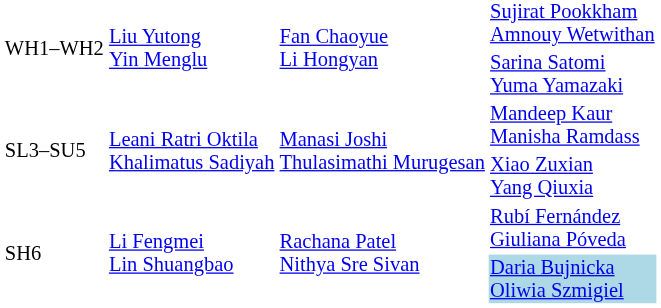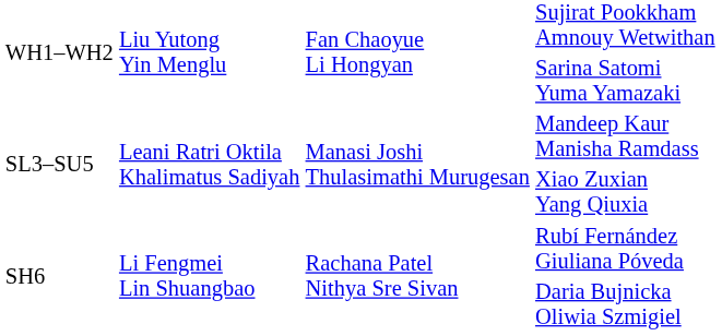 <table>
 <tr>
 <td rowspan="2">WH1–WH2</td>
 <td rowspan="2"> <a href='#'>Liu Yutong</a><br> <a href='#'>Yin Menglu</a></td>
 <td rowspan="2"> <a href='#'>Fan Chaoyue</a><br> <a href='#'>Li Hongyan</a></td>
 <td> <a href='#'>Sujirat Pookkham</a><br> <a href='#'>Amnouy Wetwithan</a></td>
 </tr>
 <tr>
 <td> <a href='#'>Sarina Satomi</a><br> <a href='#'>Yuma Yamazaki</a></td>
 </tr>
 <tr>
 <td rowspan="2">SL3–SU5</td>
 <td rowspan="2"> <a href='#'>Leani Ratri Oktila</a><br> <a href='#'>Khalimatus Sadiyah</a></td>
 <td rowspan="2"> <a href='#'>Manasi Joshi</a><br> <a href='#'>Thulasimathi Murugesan</a></td>
 <td> <a href='#'>Mandeep Kaur</a><br> <a href='#'>Manisha Ramdass</a></td>
 </tr>
 <tr>
 <td> <a href='#'>Xiao Zuxian</a> <br> <a href='#'>Yang Qiuxia</a></td>
 </tr>
 <tr>
 <td rowspan="2">SH6</td>
 <td rowspan="2"> <a href='#'>Li Fengmei</a> <br> <a href='#'>Lin Shuangbao</a></td>
 <td rowspan="2"> <a href='#'>Rachana Patel</a><br> <a href='#'>Nithya Sre Sivan</a></td>
 <td> <a href='#'>Rubí Fernández</a><br> <a href='#'>Giuliana Póveda</a></td>
 </tr>
 <tr>
-<td style="background: lightblue;"> <a href='#'>Daria Bujnicka</a><br> <a href='#'>Oliwia Szmigiel</a></td>
+<td> <a href='#'>Daria Bujnicka</a><br> <a href='#'>Oliwia Szmigiel</a></td>
 </tr>
 </table>
